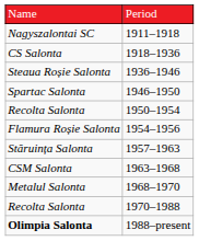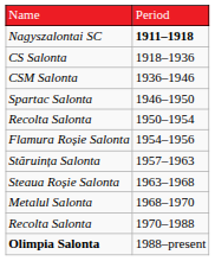 <table class="wikitable" style="text-align: left" align="right">
 <tr>
 <td style="background:#ed1c24;color:#FFFFFF;border:1px solid #000000">Name</td>
 <td style="background:#ed1c24;color:#FFFFFF;border:1px solid #000000">Period</td>
 </tr>
 <tr>
 <td align=left><em>Nagyszalontai SC</em></td>
-<td>1911–1918</td>
+<td><strong>1911–1918</strong></td>
 </tr>
 <tr>
 <td align=left><em>CS Salonta</em></td>
 <td>1918–1936</td>
 </tr>
 <tr>
-<td align=left><em>Steaua Roșie Salonta</em></td>
+<td align=left><em>CSM Salonta</em></td>
 <td>1936–1946</td>
 </tr>
 <tr>
 <td align=left><em>Spartac Salonta</em></td>
 <td>1946–1950</td>
 </tr>
 <tr>
 <td align=left><em>Recolta Salonta</em></td>
 <td>1950–1954</td>
 </tr>
 <tr>
 <td align=left><em>Flamura Roșie Salonta</em></td>
 <td>1954–1956</td>
 </tr>
 <tr>
 <td align=left><em>Stăruința Salonta</em></td>
 <td>1957–1963</td>
 </tr>
 <tr>
-<td align=left><em>CSM Salonta</em></td>
+<td align=left><em>Steaua Roșie Salonta</em></td>
 <td>1963–1968</td>
 </tr>
 <tr>
 <td align=left><em>Metalul Salonta</em></td>
 <td>1968–1970</td>
 </tr>
 <tr>
 <td align=left><em>Recolta Salonta</em></td>
 <td>1970–1988</td>
 </tr>
 <tr>
 <td align=left><strong>Olimpia Salonta</strong></td>
 <td>1988–present</td>
 </tr>
 </table>
